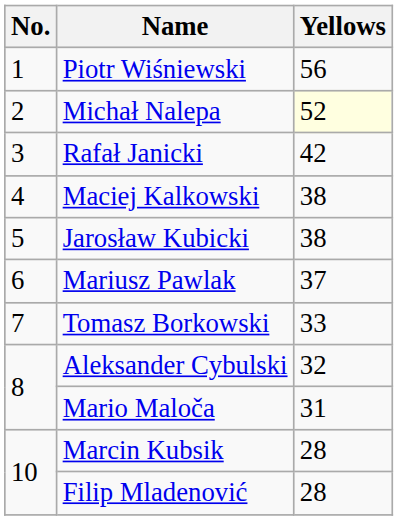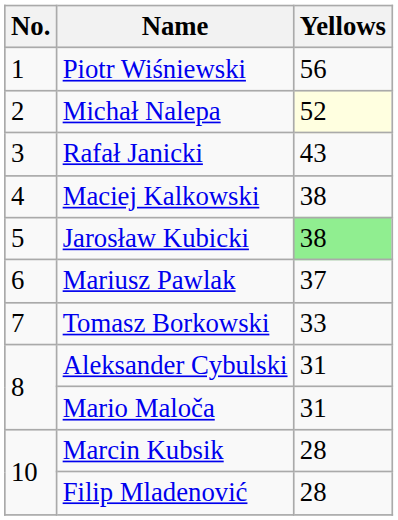 <table class="wikitable" style="display: inline-table;">
 <tr>
 <th>No.</th>
 <th>Name</th>
 <th>Yellows</th>
 </tr>
 <tr>
 <td>1</td>
 <td><a href='#'>Piotr Wiśniewski</a></td>
 <td>56</td>
 </tr>
 <tr>
 <td>2</td>
 <td><a href='#'>Michał Nalepa</a></td>
 <td style="background: lightyellow;">52</td>
 </tr>
 <tr>
 <td>3</td>
 <td><a href='#'>Rafał Janicki</a></td>
-<td>42</td>
+<td>43</td>
 </tr>
 <tr>
 <td>4</td>
 <td><a href='#'>Maciej Kalkowski</a></td>
 <td>38</td>
 </tr>
 <tr>
 <td>5</td>
 <td><a href='#'>Jarosław Kubicki</a></td>
-<td>38</td>
+<td style="background: lightgreen;">38</td>
 </tr>
 <tr>
 <td>6</td>
 <td><a href='#'>Mariusz Pawlak</a></td>
 <td>37</td>
 </tr>
 <tr>
 <td>7</td>
 <td><a href='#'>Tomasz Borkowski</a></td>
 <td>33</td>
 </tr>
 <tr>
 <td rowspan=2>8</td>
 <td><a href='#'>Aleksander Cybulski</a></td>
-<td>32</td>
+<td>31</td>
 </tr>
 <tr>
 <td><a href='#'>Mario Maloča</a></td>
 <td>31</td>
 </tr>
 <tr>
 <td rowspan=2>10</td>
 <td><a href='#'>Marcin Kubsik</a></td>
 <td>28</td>
 </tr>
 <tr>
 <td><a href='#'>Filip Mladenović</a></td>
 <td>28</td>
 </tr>
 </table>
